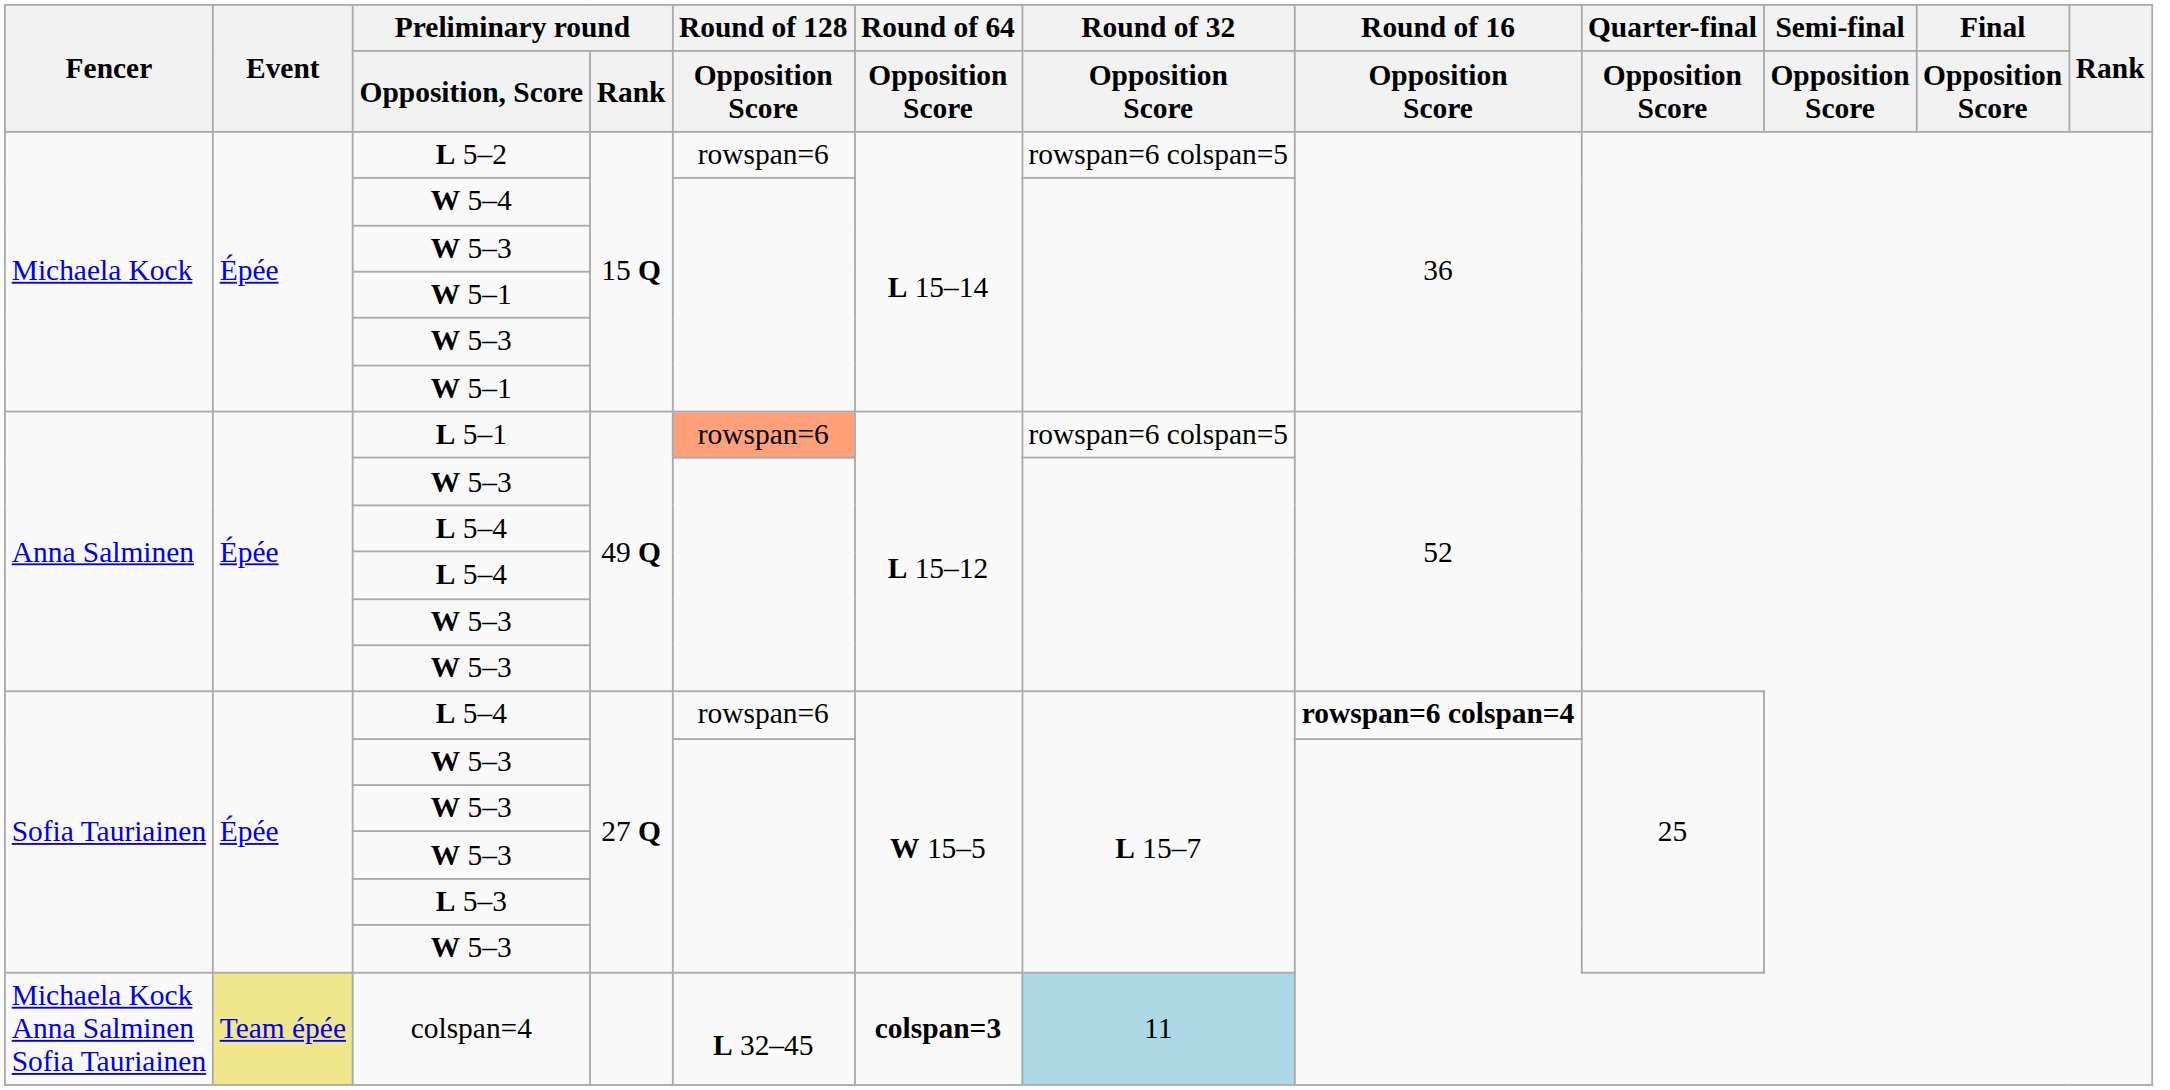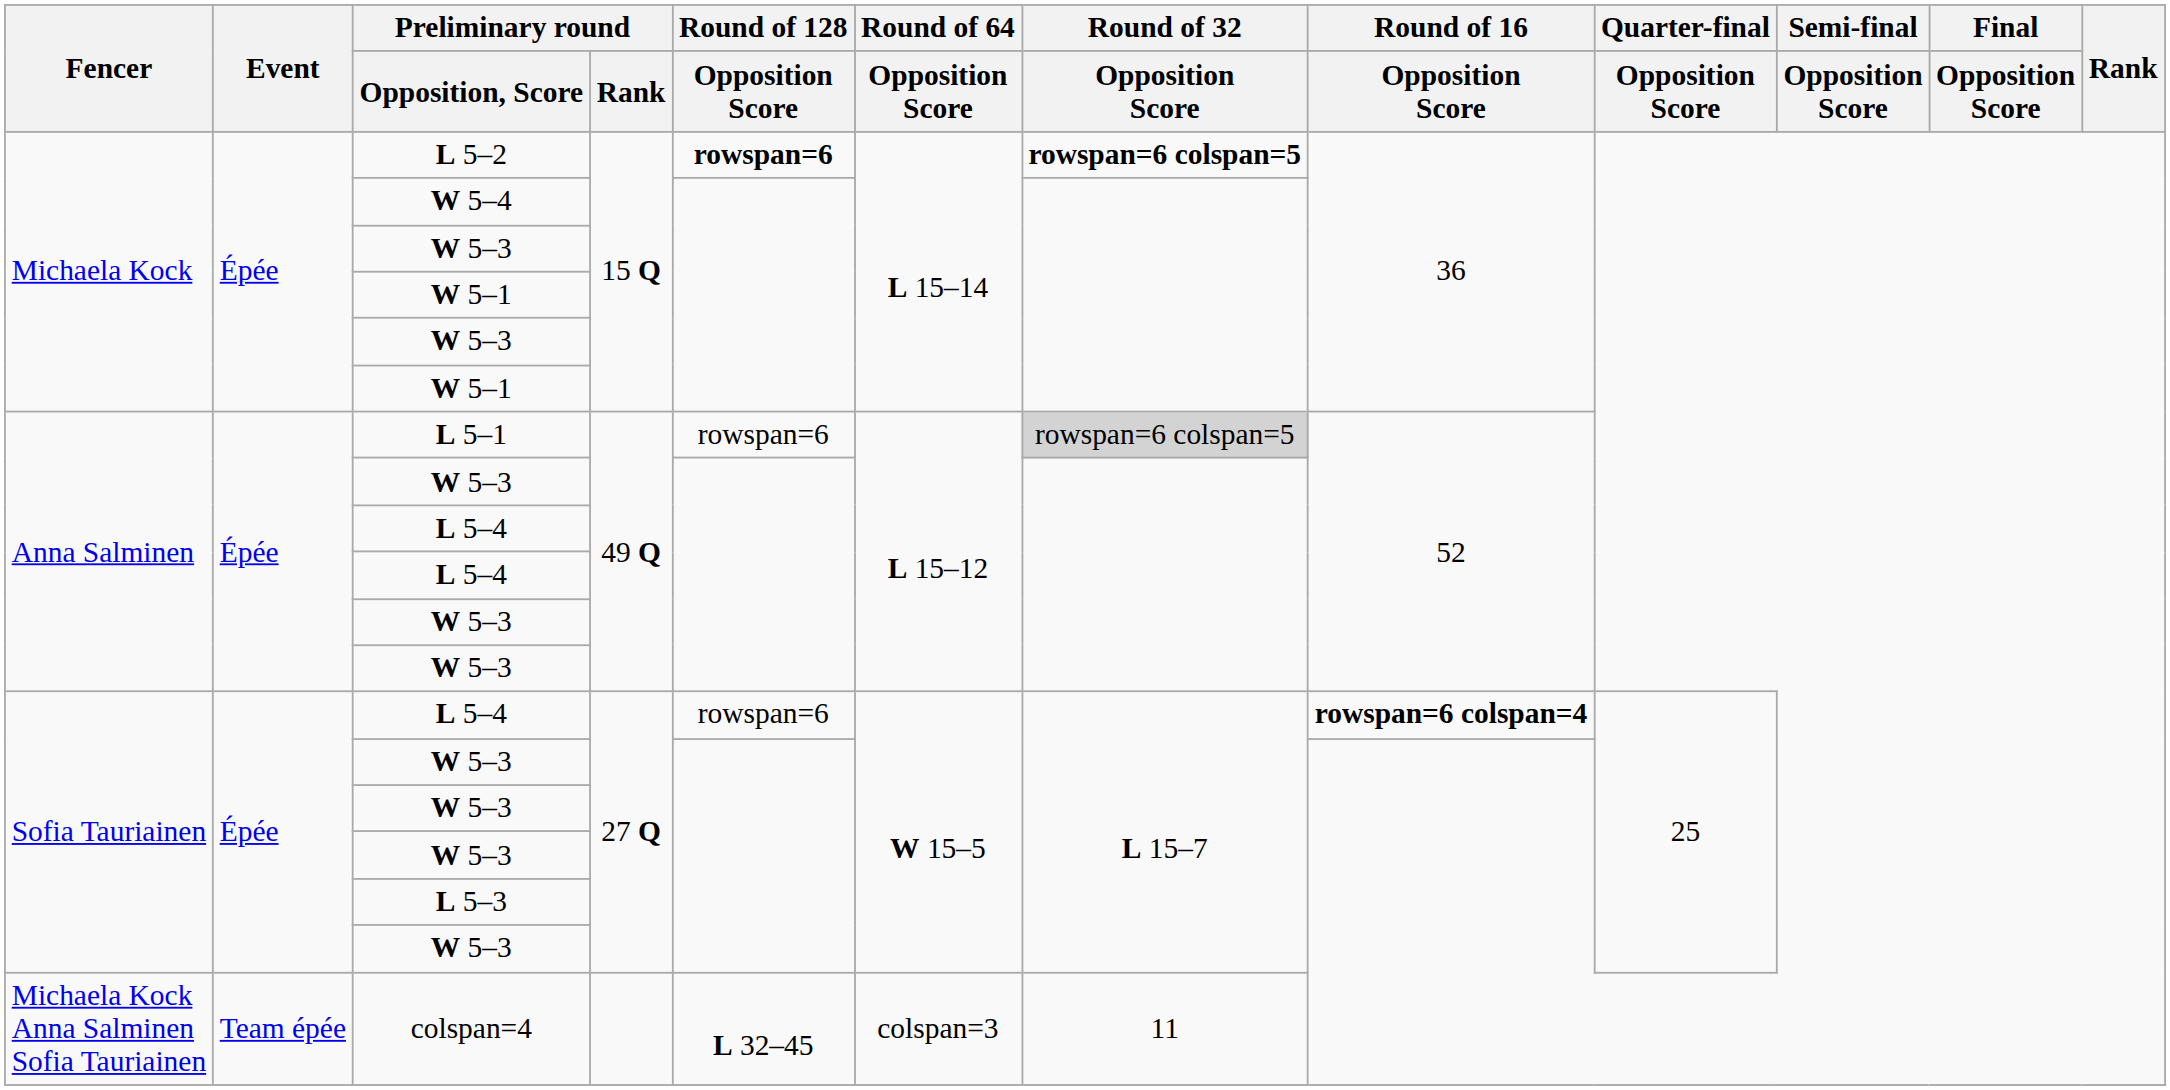 <table class=wikitable style="align:center; white-space:nowrap">
 <tr>
 <th rowspan=2>Fencer</th>
 <th rowspan=2>Event</th>
 <th colspan=2>Preliminary round</th>
 <th>Round of 128</th>
 <th>Round of 64</th>
 <th>Round of 32</th>
 <th>Round of 16</th>
 <th>Quarter-final</th>
 <th>Semi-final</th>
 <th>Final</th>
 <th rowspan=2>Rank</th>
 </tr>
 <tr>
 <th>Opposition, Score</th>
 <th>Rank</th>
 <th>Opposition<br>Score</th>
 <th>Opposition<br>Score</th>
 <th>Opposition<br>Score</th>
 <th>Opposition<br>Score</th>
 <th>Opposition<br>Score</th>
 <th>Opposition<br>Score</th>
 <th>Opposition<br>Score</th>
 </tr>
 <tr align=center>
 <td align=left rowspan=6><a href='#'>Michaela Kock</a></td>
 <td align=left rowspan=6><a href='#'>Épée</a></td>
 <td> <strong>L</strong> 5–2</td>
 <td rowspan=6>15 <strong>Q</strong></td>
-<td>rowspan=6 </td>
+<td><strong>rowspan=6 </strong></td>
 <td rowspan=6><br><strong>L</strong> 15–14</td>
-<td>rowspan=6 colspan=5 </td>
+<td><strong>rowspan=6 colspan=5 </strong></td>
 <td rowspan=6>36</td>
 </tr>
 <tr align=center>
 <td> <strong>W</strong> 5–4</td>
 </tr>
 <tr align=center>
 <td> <strong>W</strong> 5–3</td>
 </tr>
 <tr align=center>
 <td> <strong>W</strong> 5–1</td>
 </tr>
 <tr align=center>
 <td> <strong>W</strong> 5–3</td>
 </tr>
 <tr align=center>
 <td> <strong>W</strong> 5–1</td>
 </tr>
 <tr align=center>
 <td align=left rowspan=6><a href='#'>Anna Salminen</a></td>
 <td align=left rowspan=6><a href='#'>Épée</a></td>
 <td> <strong>L</strong> 5–1</td>
 <td rowspan=6>49 <strong>Q</strong></td>
-<td style="background: lightsalmon;">rowspan=6 </td>
+<td>rowspan=6 </td>
 <td rowspan=6><br><strong>L</strong> 15–12</td>
-<td>rowspan=6 colspan=5 </td>
+<td style="background: lightgrey;">rowspan=6 colspan=5 </td>
 <td rowspan=6>52</td>
 </tr>
 <tr align=center>
 <td> <strong>W</strong> 5–3</td>
 </tr>
 <tr align=center>
 <td> <strong>L</strong> 5–4</td>
 </tr>
 <tr align=center>
 <td> <strong>L</strong> 5–4</td>
 </tr>
 <tr align=center>
 <td> <strong>W</strong> 5–3</td>
 </tr>
 <tr align=center>
 <td> <strong>W</strong> 5–3</td>
 </tr>
 <tr align=center>
 <td align=left rowspan=6><a href='#'>Sofia Tauriainen</a></td>
 <td align=left rowspan=6><a href='#'>Épée</a></td>
 <td> <strong>L</strong> 5–4</td>
 <td rowspan=6>27 <strong>Q</strong></td>
 <td>rowspan=6 </td>
 <td rowspan=6><br><strong>W</strong> 15–5</td>
 <td rowspan=6><br><strong>L</strong> 15–7</td>
 <td><strong>rowspan=6 colspan=4 </strong></td>
 <td rowspan=6>25</td>
 </tr>
 <tr align=center>
 <td> <strong>W</strong> 5–3</td>
 </tr>
 <tr align=center>
 <td> <strong>W</strong> 5–3</td>
 </tr>
 <tr align=center>
 <td> <strong>W</strong> 5–3</td>
 </tr>
 <tr align=center>
 <td> <strong>L</strong> 5–3</td>
 </tr>
 <tr align=center>
 <td> <strong>W</strong> 5–3</td>
 </tr>
 <tr align=center>
 <td align=left><a href='#'>Michaela Kock</a><br><a href='#'>Anna Salminen</a><br><a href='#'>Sofia Tauriainen</a></td>
-<td align=left style="background: khaki;"><a href='#'>Team épée</a></td>
+<td align=left><a href='#'>Team épée</a></td>
 <td>colspan=4 </td>
 <td></td>
 <td><br><strong>L</strong> 32–45</td>
-<td><strong>colspan=3 </strong></td>
-<td style="background: lightblue;">11</td>
+<td>colspan=3 </td>
+<td>11</td>
 </tr>
 </table>
